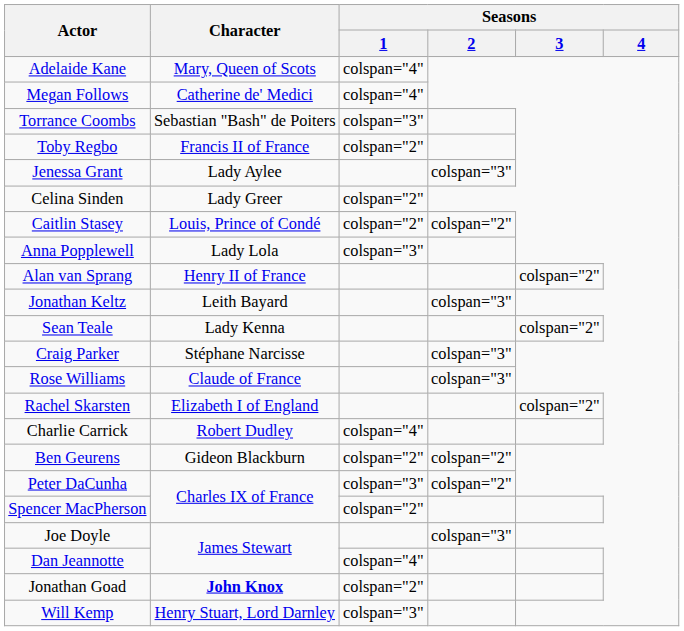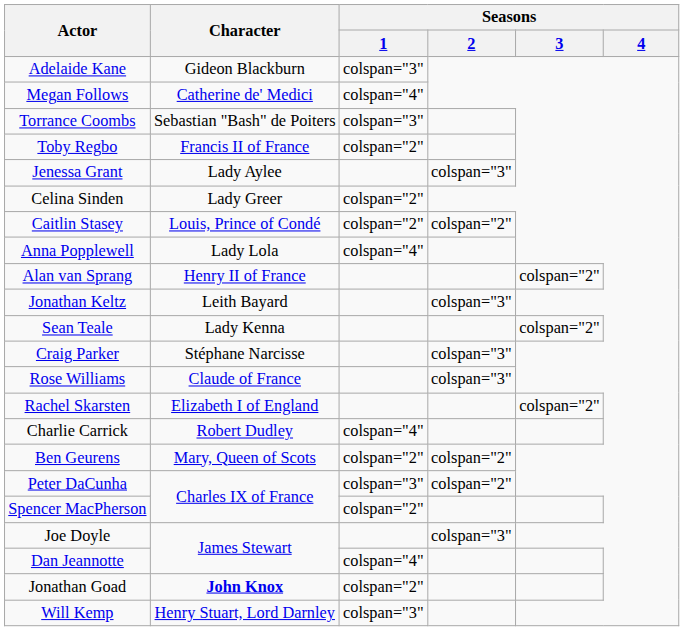 <table class="wikitable">
 <tr>
 <th rowspan="2">Actor</th>
 <th rowspan="2">Character</th>
 <th colspan="4">Seasons</th>
 </tr>
 <tr>
 <th style="width:50pt;"><a href='#'>1</a></th>
 <th style="width:50pt;"><a href='#'>2</a></th>
 <th style="width:50pt;"><a href='#'>3</a></th>
 <th style="width:50pt;"><a href='#'>4</a></th>
 </tr>
 <tr>
 <td align="center"><a href='#'>Adelaide Kane</a></td>
-<td align="center"><a href='#'>Mary, Queen of Scots</a></td>
-<td>colspan="4" </td>
+<td align="center">Gideon Blackburn</td>
+<td>colspan="3" </td>
 </tr>
 <tr>
 <td align="center"><a href='#'>Megan Follows</a></td>
 <td align="center"><a href='#'>Catherine de' Medici</a></td>
 <td>colspan="4" </td>
 </tr>
 <tr>
 <td align="center"><a href='#'>Torrance Coombs</a></td>
 <td align="center">Sebastian "Bash" de Poiters</td>
 <td>colspan="3" </td>
 <td></td>
 </tr>
 <tr>
 <td align="center"><a href='#'>Toby Regbo</a></td>
 <td align="center"><a href='#'>Francis II of France</a></td>
 <td>colspan="2" </td>
 <td></td>
 </tr>
 <tr>
 <td align="center"><a href='#'>Jenessa Grant</a></td>
 <td align="center">Lady Aylee</td>
 <td></td>
 <td>colspan="3" </td>
 </tr>
 <tr>
 <td align="center">Celina Sinden</td>
 <td align="center">Lady Greer</td>
 <td>colspan="2" </td>
 </tr>
 <tr>
 <td align="center"><a href='#'>Caitlin Stasey</a></td>
 <td align="center"><a href='#'>Louis, Prince of Condé</a></td>
 <td>colspan="2" </td>
 <td>colspan="2" </td>
 </tr>
 <tr>
 <td align="center"><a href='#'>Anna Popplewell</a></td>
 <td align="center">Lady Lola</td>
-<td>colspan="3" </td>
+<td>colspan="4" </td>
 <td></td>
 </tr>
 <tr>
 <td align="center"><a href='#'>Alan van Sprang</a></td>
 <td align="center"><a href='#'>Henry II of France</a></td>
 <td></td>
 <td></td>
 <td>colspan="2" </td>
 </tr>
 <tr>
 <td align="center"><a href='#'>Jonathan Keltz</a></td>
 <td align="center">Leith Bayard</td>
 <td></td>
 <td>colspan="3" </td>
 </tr>
 <tr>
 <td align="center"><a href='#'>Sean Teale</a></td>
 <td align="center">Lady Kenna</td>
 <td></td>
 <td></td>
 <td>colspan="2" </td>
 </tr>
 <tr>
 <td align="center"><a href='#'>Craig Parker</a></td>
 <td align="center">Stéphane Narcisse</td>
 <td></td>
 <td>colspan="3" </td>
 </tr>
 <tr>
 <td align="center"><a href='#'>Rose Williams</a></td>
 <td align="center"><a href='#'>Claude of France</a></td>
 <td></td>
 <td>colspan="3" </td>
 </tr>
 <tr>
 <td align="center"><a href='#'>Rachel Skarsten</a></td>
 <td align="center"><a href='#'>Elizabeth I of England</a></td>
 <td></td>
 <td></td>
 <td>colspan="2" </td>
 </tr>
 <tr>
 <td align="center">Charlie Carrick</td>
 <td align="center"><a href='#'>Robert Dudley</a></td>
 <td>colspan="4" </td>
 <td></td>
 <td></td>
 </tr>
 <tr>
 <td align="center"><a href='#'>Ben Geurens</a></td>
-<td align="center">Gideon Blackburn</td>
+<td align="center"><a href='#'>Mary, Queen of Scots</a></td>
 <td>colspan="2" </td>
 <td>colspan="2" </td>
 </tr>
 <tr>
 <td style="text-align:center;"><a href='#'>Peter DaCunha</a></td>
 <td style="text-align:center;" rowspan="2"><a href='#'>Charles IX of France</a></td>
 <td>colspan="3" </td>
 <td>colspan="2" </td>
 </tr>
 <tr>
 <td style="text-align:center;"><a href='#'>Spencer MacPherson</a></td>
 <td>colspan="2" </td>
 <td></td>
 <td></td>
 </tr>
 <tr>
 <td style="text-align:center;">Joe Doyle</td>
 <td style="text-align:center;" rowspan="2"><a href='#'>James Stewart</a></td>
 <td></td>
 <td>colspan="3" </td>
 </tr>
 <tr>
 <td style="text-align:center;"><a href='#'>Dan Jeannotte</a></td>
 <td>colspan="4" </td>
 <td></td>
 <td></td>
 </tr>
 <tr>
 <td align="center">Jonathan Goad</td>
 <td align="center"><strong><a href='#'>John Knox</a></strong></td>
 <td>colspan="2" </td>
 <td></td>
 <td></td>
 </tr>
 <tr>
 <td align="center"><a href='#'>Will Kemp</a></td>
 <td align="center"><a href='#'>Henry Stuart, Lord Darnley</a></td>
 <td>colspan="3" </td>
 <td></td>
 </tr>
 </table>
